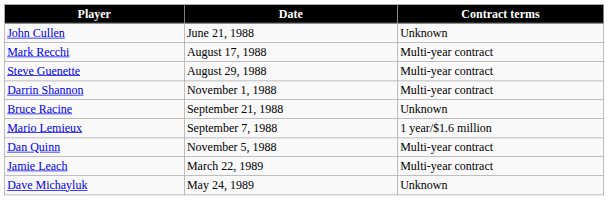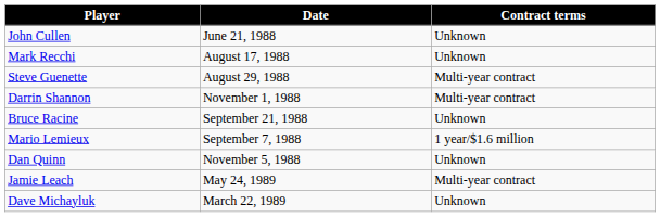 <table class="wikitable" style="width:50em; padding:3px;">
 <tr style="text-align:center; background:#ddd;">
 <th style="color:white; background:#000000; ">Player</th>
 <th style="color:white; background:#000000; ">Date</th>
 <th style="color:white; background:#000000; ">Contract terms</th>
 </tr>
 <tr>
 <td><a href='#'>John Cullen</a></td>
 <td>June 21, 1988</td>
 <td>Unknown</td>
 </tr>
 <tr>
 <td><a href='#'>Mark Recchi</a></td>
 <td>August 17, 1988</td>
-<td>Multi-year contract</td>
+<td>Unknown</td>
 </tr>
 <tr>
 <td><a href='#'>Steve Guenette</a></td>
 <td>August 29, 1988</td>
 <td>Multi-year contract</td>
 </tr>
 <tr>
 <td><a href='#'>Darrin Shannon</a></td>
 <td>November 1, 1988</td>
 <td>Multi-year contract</td>
 </tr>
 <tr>
 <td><a href='#'>Bruce Racine</a></td>
 <td>September 21, 1988</td>
 <td>Unknown</td>
 </tr>
 <tr>
 <td><a href='#'>Mario Lemieux</a></td>
 <td>September 7, 1988</td>
 <td>1 year/$1.6 million</td>
 </tr>
 <tr>
 <td><a href='#'>Dan Quinn</a></td>
 <td>November 5, 1988</td>
-<td>Multi-year contract</td>
+<td>Unknown</td>
 </tr>
 <tr>
 <td><a href='#'>Jamie Leach</a></td>
-<td>March 22, 1989</td>
+<td>May 24, 1989</td>
 <td>Multi-year contract</td>
 </tr>
 <tr>
 <td><a href='#'>Dave Michayluk</a></td>
-<td>May 24, 1989</td>
+<td>March 22, 1989</td>
 <td>Unknown</td>
 </tr>
 </table>
